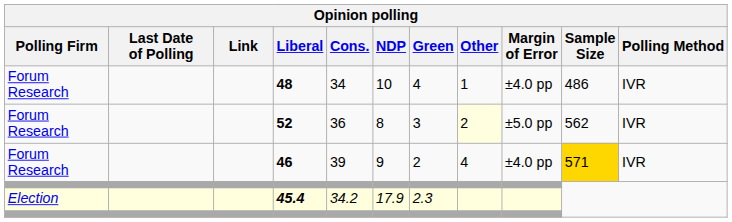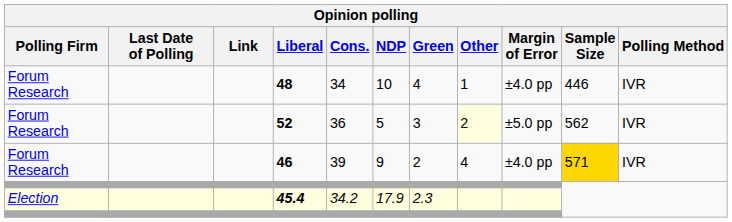 <table class="wikitable collapsible sortable collapsed">
 <tr style="background:#e9e9e9;">
 <th style="width:640px,;" colspan="11">Opinion polling</th>
 </tr>
 <tr style="background:#e9e9e9;">
 <th style="width:110px">Polling Firm</th>
 <th style="width:110px">Last Date<br>of Polling</th>
 <th style="width:60px" class="unsortable">Link</th>
 <th style="background-color:"><a href='#'>Liberal</a></th>
 <th style="background-color:"><a href='#'>Cons.</a></th>
 <th style="background-color:"><a href='#'>NDP</a></th>
 <th style="background-color:"><a href='#'>Green</a></th>
 <th style="background-color:"><a href='#'>Other</a></th>
 <th style="width:60px;" class=unsortable>Margin<br>of Error</th>
 <th style="width:50px;" class=unsortable>Sample<br>Size</th>
 <th class=unsortable>Polling Method</th>
 </tr>
 <tr>
 <td><a href='#'>Forum Research</a></td>
 <td></td>
 <td></td>
 <td><strong>48</strong></td>
 <td>34</td>
 <td>10</td>
 <td>4</td>
 <td>1</td>
 <td>±4.0 pp</td>
-<td>486</td>
+<td>446</td>
 <td>IVR</td>
 </tr>
 <tr>
 <td><a href='#'>Forum Research</a></td>
 <td></td>
 <td></td>
 <td><strong>52</strong></td>
 <td>36</td>
-<td>8</td>
+<td>5</td>
 <td>3</td>
 <td style="background: lightyellow;">2</td>
 <td>±5.0 pp</td>
 <td>562</td>
 <td>IVR</td>
 </tr>
 <tr>
 <td><a href='#'>Forum Research</a></td>
 <td></td>
 <td></td>
 <td><strong>46</strong></td>
 <td>39</td>
 <td>9</td>
 <td>2</td>
 <td>4</td>
 <td>±4.0 pp</td>
 <td style="background: gold;">571</td>
 <td>IVR</td>
 </tr>
 <tr style="background:Darkgrey;">
 <td></td>
 <td></td>
 <td></td>
 <td></td>
 <td></td>
 <td></td>
 <td></td>
 <td></td>
 <td></td>
 </tr>
 <tr>
 <td style="background:#ffd;"><em><a href='#'>Election</a></em></td>
 <td style="background:#ffd;"></td>
 <td style="background:#ffd;"></td>
 <td style="background:#ffd;"><strong><em>45.4</em></strong></td>
 <td style="background:#ffd;"><em>34.2</em></td>
 <td style="background:#ffd;"><em>17.9</em></td>
 <td style="background:#ffd;"><em>2.3</em></td>
 <td style="background:#ffd;"></td>
 <td style="background:#ffd;"></td>
 </tr>
 <tr style="background:Darkgrey;">
 <td></td>
 <td></td>
 <td></td>
 <td></td>
 <td></td>
 <td></td>
 <td></td>
 <td></td>
 <td></td>
 </tr>
 </table>
